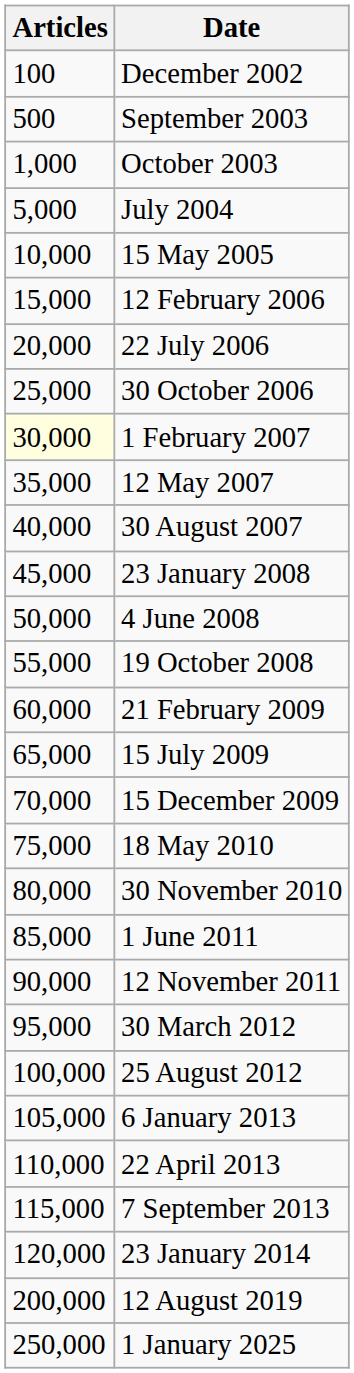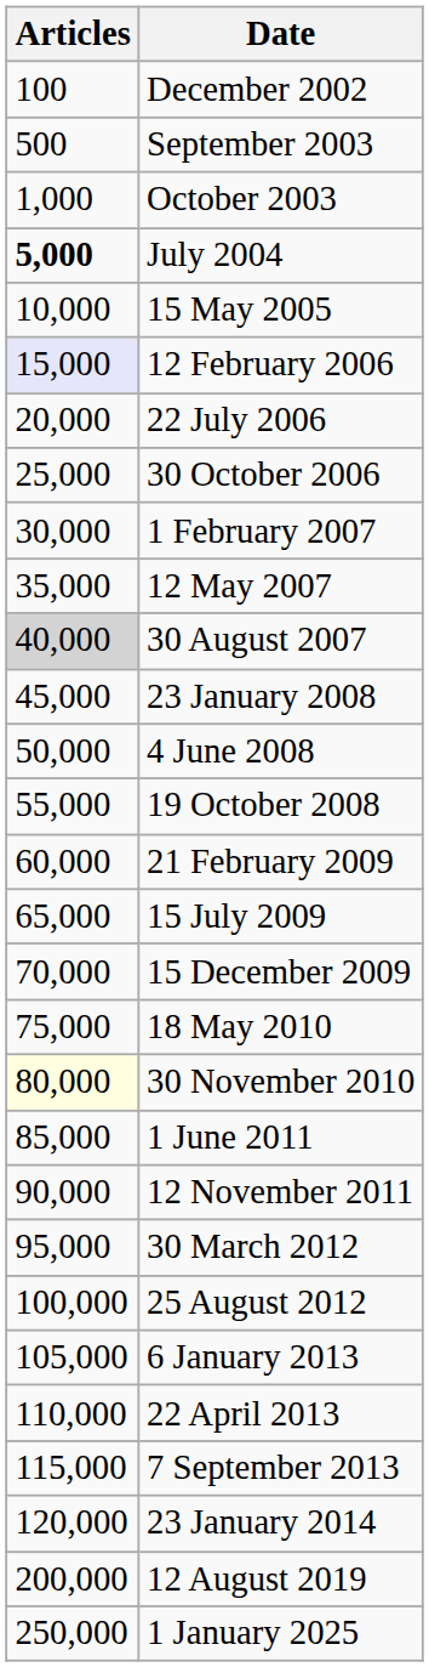 <table class="wikitable" align="right">
 <tr>
 <th>Articles</th>
 <th>Date</th>
 </tr>
 <tr>
 <td>100</td>
 <td>December 2002</td>
 </tr>
 <tr>
 <td>500</td>
 <td>September 2003</td>
 </tr>
 <tr>
 <td>1,000</td>
 <td>October 2003</td>
 </tr>
 <tr>
-<td>5,000</td>
+<td><strong>5,000</strong></td>
 <td>July 2004</td>
 </tr>
 <tr>
 <td>10,000</td>
 <td>15 May 2005</td>
 </tr>
 <tr>
-<td>15,000</td>
+<td style="background: lavender;">15,000</td>
 <td>12 February 2006</td>
 </tr>
 <tr>
 <td>20,000</td>
 <td>22 July 2006</td>
 </tr>
 <tr>
 <td>25,000</td>
 <td>30 October 2006</td>
 </tr>
 <tr>
-<td style="background: lightyellow;">30,000</td>
+<td>30,000</td>
 <td>1 February 2007</td>
 </tr>
 <tr>
 <td>35,000</td>
 <td>12 May 2007</td>
 </tr>
 <tr>
-<td>40,000</td>
+<td style="background: lightgrey;">40,000</td>
 <td>30 August 2007</td>
 </tr>
 <tr>
 <td>45,000</td>
 <td>23 January 2008</td>
 </tr>
 <tr>
 <td>50,000</td>
 <td>4 June 2008</td>
 </tr>
 <tr>
 <td>55,000</td>
 <td>19 October 2008</td>
 </tr>
 <tr>
 <td>60,000</td>
 <td>21 February 2009</td>
 </tr>
 <tr>
 <td>65,000</td>
 <td>15 July 2009</td>
 </tr>
 <tr>
 <td>70,000</td>
 <td>15 December 2009</td>
 </tr>
 <tr>
 <td>75,000</td>
 <td>18 May 2010</td>
 </tr>
 <tr>
-<td>80,000</td>
+<td style="background: lightyellow;">80,000</td>
 <td>30 November 2010</td>
 </tr>
 <tr>
 <td>85,000</td>
 <td>1 June 2011</td>
 </tr>
 <tr>
 <td>90,000</td>
 <td>12 November 2011</td>
 </tr>
 <tr>
 <td>95,000</td>
 <td>30 March 2012</td>
 </tr>
 <tr>
 <td>100,000</td>
 <td>25 August 2012</td>
 </tr>
 <tr>
 <td>105,000</td>
 <td>6 January 2013</td>
 </tr>
 <tr>
 <td>110,000</td>
 <td>22 April 2013</td>
 </tr>
 <tr>
 <td>115,000</td>
 <td>7 September 2013</td>
 </tr>
 <tr>
 <td>120,000</td>
 <td>23 January 2014</td>
 </tr>
 <tr>
 <td>200,000</td>
 <td>12 August 2019</td>
 </tr>
 <tr>
 <td>250,000</td>
 <td>1 January 2025</td>
 </tr>
 </table>
